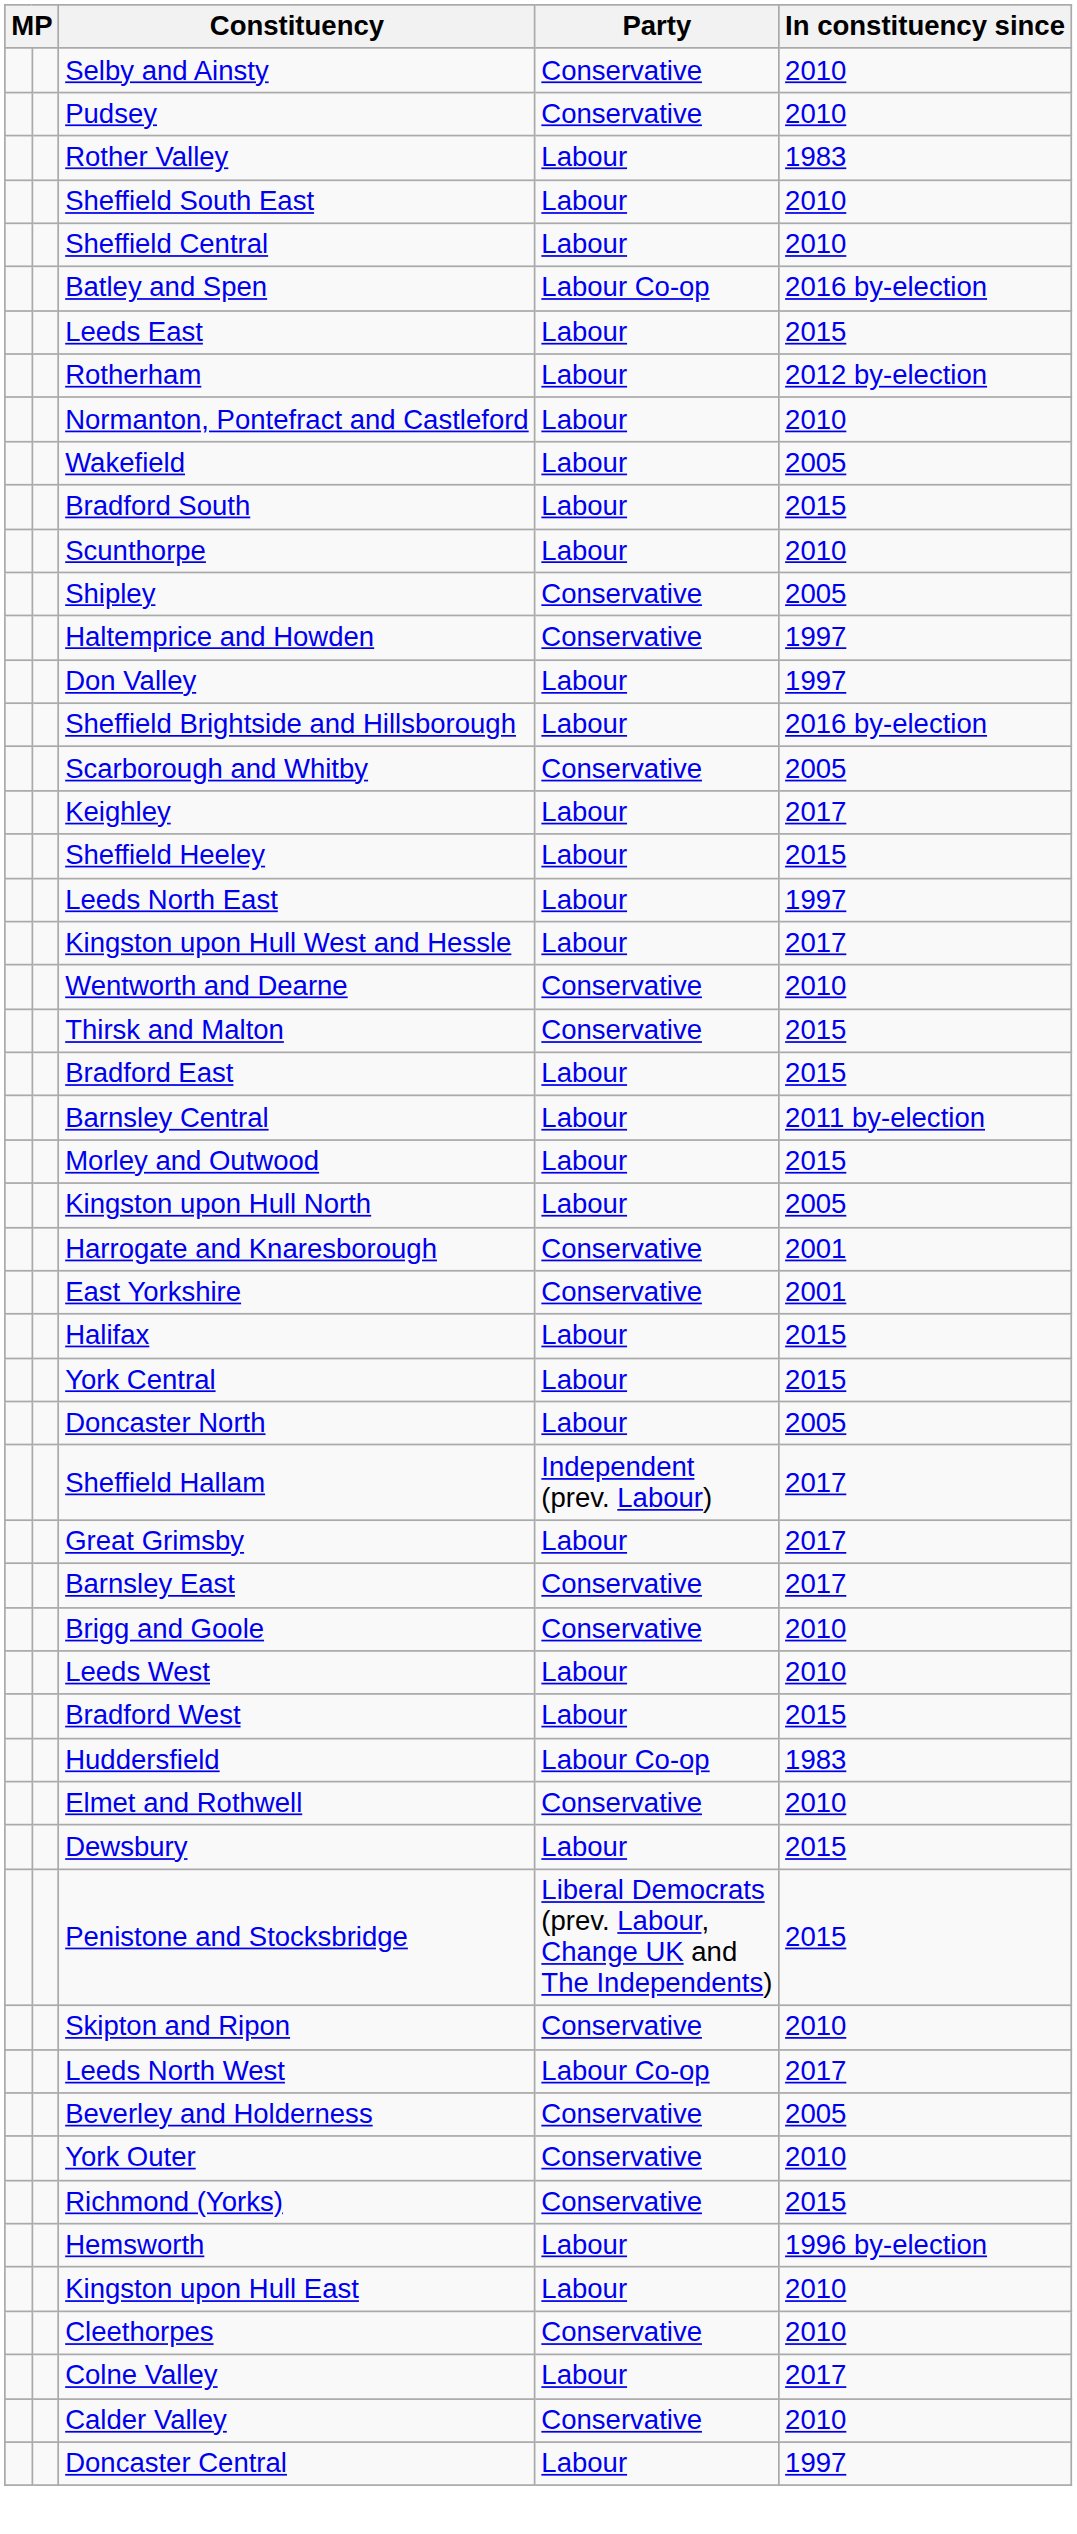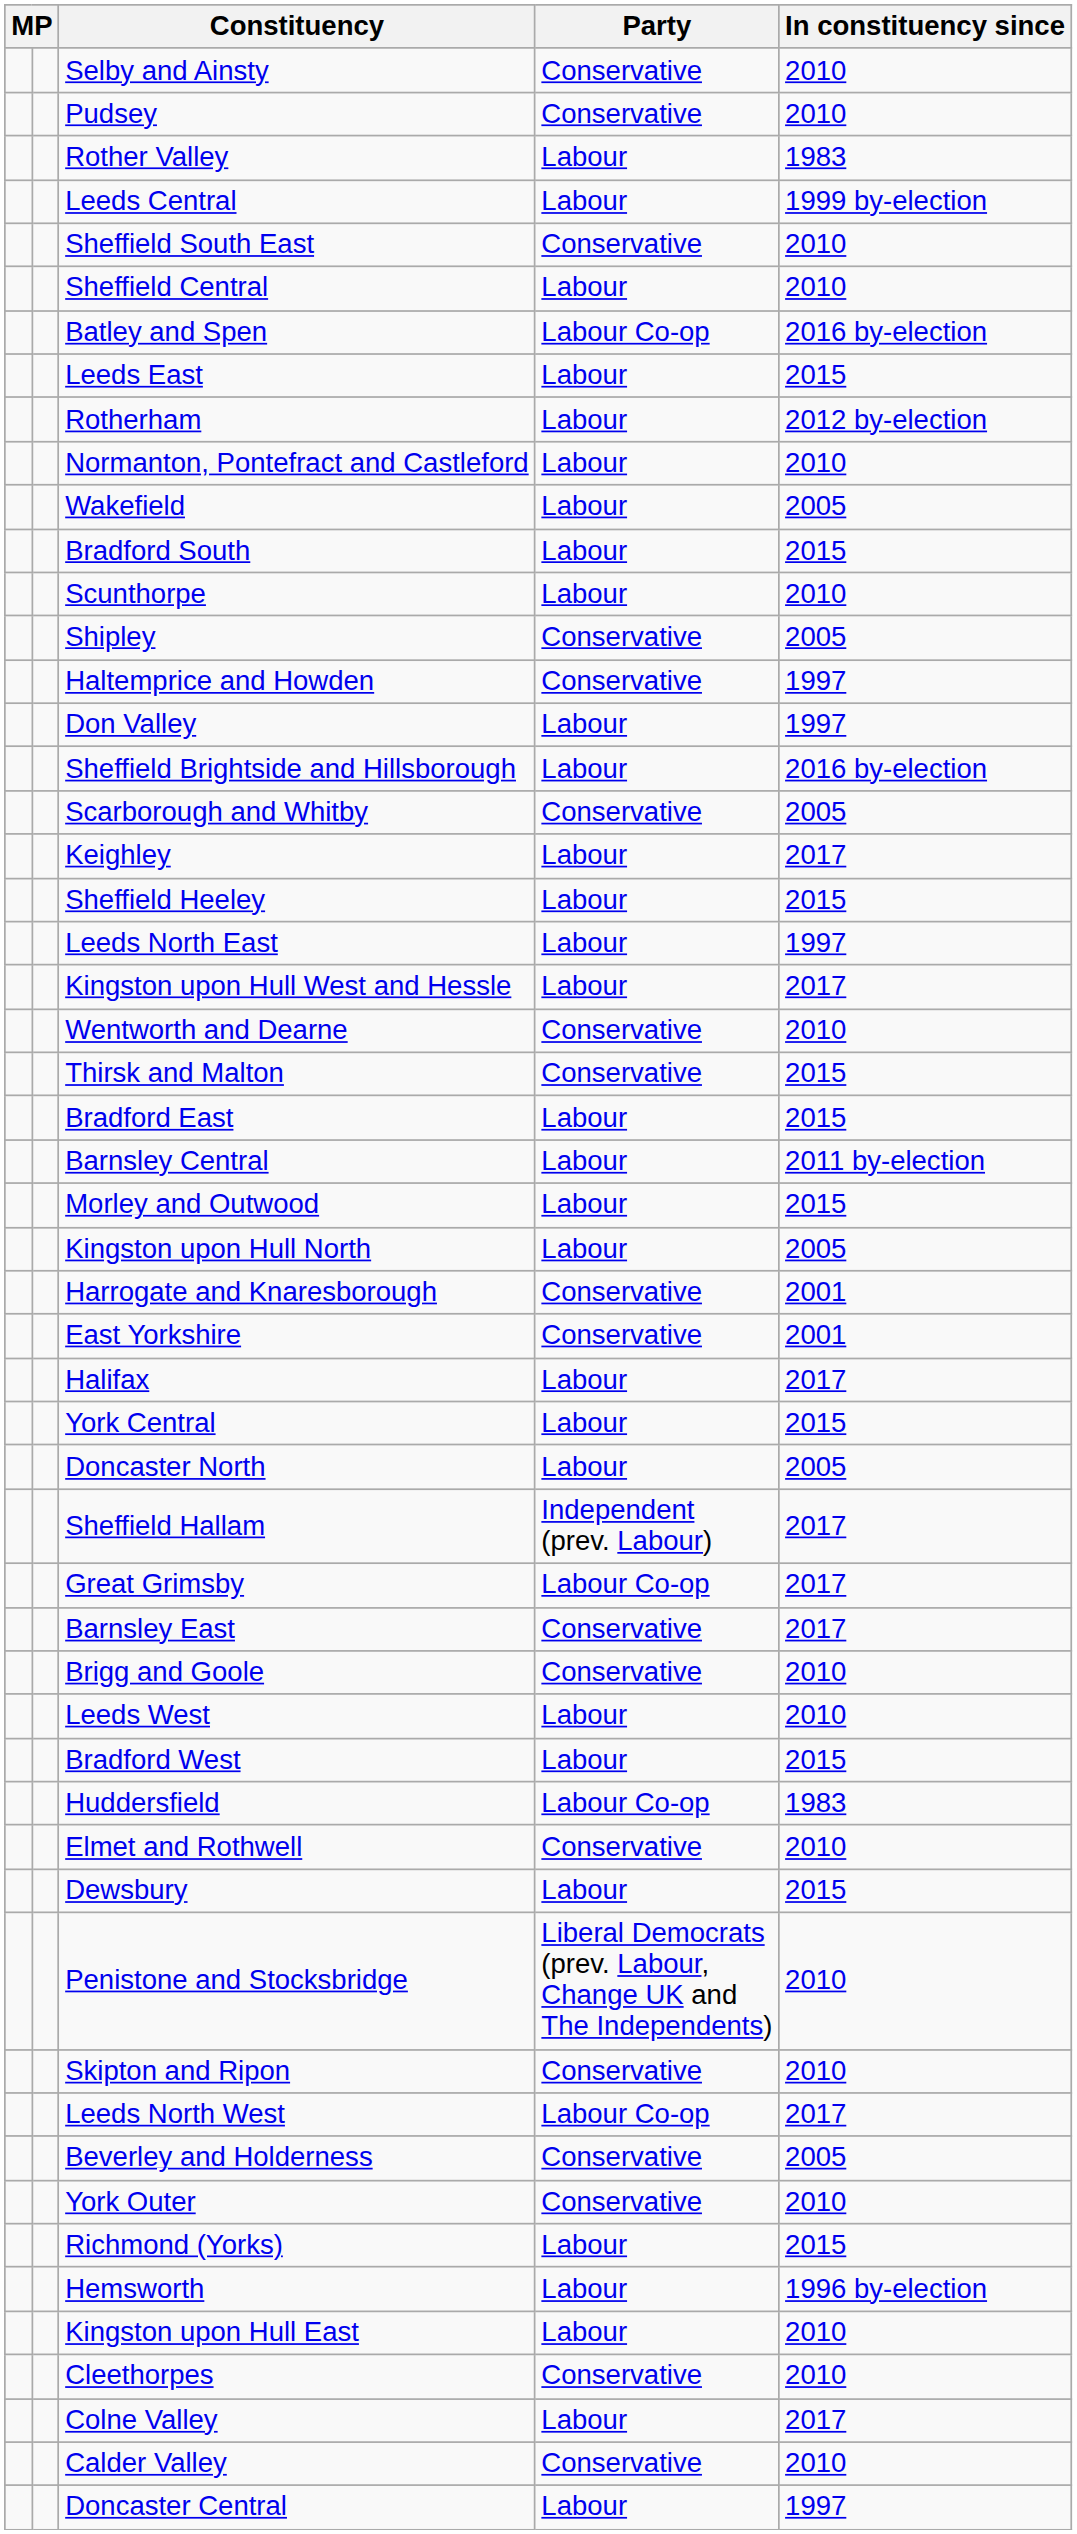 <table class="wikitable sortable">
 <tr>
 <th colspan=2>MP</th>
 <th>Constituency</th>
 <th>Party</th>
 <th>In constituency since</th>
 </tr>
 <tr>
 <td style="background-color: "></td>
 <td></td>
 <td><a href='#'>Selby and Ainsty</a></td>
 <td><a href='#'>Conservative</a></td>
 <td><a href='#'>2010</a></td>
 </tr>
 <tr>
 <td style="background-color: "></td>
 <td></td>
 <td><a href='#'>Pudsey</a></td>
 <td><a href='#'>Conservative</a></td>
 <td><a href='#'>2010</a></td>
 </tr>
 <tr>
 <td style="background-color: "></td>
 <td></td>
 <td><a href='#'>Rother Valley</a></td>
 <td><a href='#'>Labour</a></td>
 <td><a href='#'>1983</a></td>
 </tr>
 <tr>
 <td style="background-color: "></td>
 <td></td>
+<td><a href='#'>Leeds Central</a></td>
+<td><a href='#'>Labour</a></td>
+<td><a href='#'>1999 by-election</a></td>
+</tr>
+<tr>
+<td style="background-color: "></td>
+<td></td>
 <td><a href='#'>Sheffield South East</a></td>
-<td><a href='#'>Labour</a></td>
+<td><a href='#'>Conservative</a></td>
 <td><a href='#'>2010</a></td>
 </tr>
 <tr>
 <td style="background-color: "></td>
 <td></td>
 <td><a href='#'>Sheffield Central</a></td>
 <td><a href='#'>Labour</a></td>
 <td><a href='#'>2010</a></td>
 </tr>
 <tr>
 <td style="background-color: "></td>
 <td></td>
 <td><a href='#'>Batley and Spen</a></td>
 <td><a href='#'>Labour Co-op</a></td>
 <td><a href='#'>2016 by-election</a></td>
 </tr>
 <tr>
 <td style="background-color: "></td>
 <td></td>
 <td><a href='#'>Leeds East</a></td>
 <td><a href='#'>Labour</a></td>
 <td><a href='#'>2015</a></td>
 </tr>
 <tr>
 <td style="background-color: "></td>
 <td></td>
 <td><a href='#'>Rotherham</a></td>
 <td><a href='#'>Labour</a></td>
 <td><a href='#'>2012 by-election</a></td>
 </tr>
 <tr>
 <td style="background-color: "></td>
 <td></td>
 <td><a href='#'>Normanton, Pontefract and Castleford</a></td>
 <td><a href='#'>Labour</a></td>
 <td><a href='#'>2010</a></td>
 </tr>
 <tr>
 <td style="background-color: "></td>
 <td></td>
 <td><a href='#'>Wakefield</a></td>
 <td><a href='#'>Labour</a></td>
 <td><a href='#'>2005</a></td>
 </tr>
 <tr>
 <td style="background-color: "></td>
 <td></td>
 <td><a href='#'>Bradford South</a></td>
 <td><a href='#'>Labour</a></td>
 <td><a href='#'>2015</a></td>
 </tr>
 <tr>
 <td style="background-color: "></td>
 <td></td>
 <td><a href='#'>Scunthorpe</a></td>
 <td><a href='#'>Labour</a></td>
 <td><a href='#'>2010</a></td>
 </tr>
 <tr>
 <td style="background-color: "></td>
 <td></td>
 <td><a href='#'>Shipley</a></td>
 <td><a href='#'>Conservative</a></td>
 <td><a href='#'>2005</a></td>
 </tr>
 <tr>
 <td style="background-color: "></td>
 <td></td>
 <td><a href='#'>Haltemprice and Howden</a></td>
 <td><a href='#'>Conservative</a></td>
 <td><a href='#'>1997</a></td>
 </tr>
 <tr>
 <td style="background-color: "></td>
 <td></td>
 <td><a href='#'>Don Valley</a></td>
 <td><a href='#'>Labour</a></td>
 <td><a href='#'>1997</a></td>
 </tr>
 <tr>
 <td style="background-color: "></td>
 <td></td>
 <td><a href='#'>Sheffield Brightside and Hillsborough</a></td>
 <td><a href='#'>Labour</a></td>
 <td><a href='#'>2016 by-election</a></td>
 </tr>
 <tr>
 <td style="background-color: "></td>
 <td></td>
 <td><a href='#'>Scarborough and Whitby</a></td>
 <td><a href='#'>Conservative</a></td>
 <td><a href='#'>2005</a></td>
 </tr>
 <tr>
 <td style="background-color: "></td>
 <td></td>
 <td><a href='#'>Keighley</a></td>
 <td><a href='#'>Labour</a></td>
 <td><a href='#'>2017</a></td>
 </tr>
 <tr>
 <td style="background-color: "></td>
 <td></td>
 <td><a href='#'>Sheffield Heeley</a></td>
 <td><a href='#'>Labour</a></td>
 <td><a href='#'>2015</a></td>
 </tr>
 <tr>
 <td style="background-color: "></td>
 <td></td>
 <td><a href='#'>Leeds North East</a></td>
 <td><a href='#'>Labour</a></td>
 <td><a href='#'>1997</a></td>
 </tr>
 <tr>
 <td style="background-color: "></td>
 <td></td>
 <td><a href='#'>Kingston upon Hull West and Hessle</a></td>
 <td><a href='#'>Labour</a></td>
 <td><a href='#'>2017</a></td>
 </tr>
 <tr>
 <td style="background-color: "></td>
 <td></td>
 <td><a href='#'>Wentworth and Dearne</a></td>
 <td><a href='#'>Conservative</a></td>
 <td><a href='#'>2010</a></td>
 </tr>
 <tr>
 <td style="background-color: "></td>
 <td></td>
 <td><a href='#'>Thirsk and Malton</a></td>
 <td><a href='#'>Conservative</a></td>
 <td><a href='#'>2015</a></td>
 </tr>
 <tr>
 <td style="background-color: "></td>
 <td></td>
 <td><a href='#'>Bradford East</a></td>
 <td><a href='#'>Labour</a></td>
 <td><a href='#'>2015</a></td>
 </tr>
 <tr>
 <td style="background-color: "></td>
 <td></td>
 <td><a href='#'>Barnsley Central</a></td>
 <td><a href='#'>Labour</a></td>
 <td><a href='#'>2011 by-election</a></td>
 </tr>
 <tr>
 <td style="background-color: "></td>
 <td></td>
 <td><a href='#'>Morley and Outwood</a></td>
 <td><a href='#'>Labour</a></td>
 <td><a href='#'>2015</a></td>
 </tr>
 <tr>
 <td style="background-color: "></td>
 <td></td>
 <td><a href='#'>Kingston upon Hull North</a></td>
 <td><a href='#'>Labour</a></td>
 <td><a href='#'>2005</a></td>
 </tr>
 <tr>
 <td style="background-color: "></td>
 <td></td>
 <td><a href='#'>Harrogate and Knaresborough</a></td>
 <td><a href='#'>Conservative</a></td>
 <td><a href='#'>2001</a></td>
 </tr>
 <tr>
 <td style="background-color: "></td>
 <td></td>
 <td><a href='#'>East Yorkshire</a></td>
 <td><a href='#'>Conservative</a></td>
 <td><a href='#'>2001</a></td>
 </tr>
 <tr>
 <td style="background-color: "></td>
 <td></td>
 <td><a href='#'>Halifax</a></td>
 <td><a href='#'>Labour</a></td>
-<td><a href='#'>2015</a></td>
+<td><a href='#'>2017</a></td>
 </tr>
 <tr>
 <td style="background-color: "></td>
 <td></td>
 <td><a href='#'>York Central</a></td>
 <td><a href='#'>Labour</a></td>
 <td><a href='#'>2015</a></td>
 </tr>
 <tr>
 <td style="background-color: "></td>
 <td></td>
 <td><a href='#'>Doncaster North</a></td>
 <td><a href='#'>Labour</a></td>
 <td><a href='#'>2005</a></td>
 </tr>
 <tr>
 <td style="background-color: "></td>
 <td></td>
 <td><a href='#'>Sheffield Hallam</a></td>
 <td><a href='#'>Independent</a><br>(prev. <a href='#'>Labour</a>)</td>
 <td><a href='#'>2017</a></td>
 </tr>
 <tr>
 <td style="background-color: "></td>
 <td></td>
 <td><a href='#'>Great Grimsby</a></td>
-<td><a href='#'>Labour</a></td>
+<td><a href='#'>Labour Co-op</a></td>
 <td><a href='#'>2017</a></td>
 </tr>
 <tr>
 <td style="background-color: "></td>
 <td></td>
 <td><a href='#'>Barnsley East</a></td>
 <td><a href='#'>Conservative</a></td>
 <td><a href='#'>2017</a></td>
 </tr>
 <tr>
 <td style="background-color: "></td>
 <td></td>
 <td><a href='#'>Brigg and Goole</a></td>
 <td><a href='#'>Conservative</a></td>
 <td><a href='#'>2010</a></td>
 </tr>
 <tr>
 <td style="background-color: "></td>
 <td></td>
 <td><a href='#'>Leeds West</a></td>
 <td><a href='#'>Labour</a></td>
 <td><a href='#'>2010</a></td>
 </tr>
 <tr>
 <td style="background-color: "></td>
 <td></td>
 <td><a href='#'>Bradford West</a></td>
 <td><a href='#'>Labour</a></td>
 <td><a href='#'>2015</a></td>
 </tr>
 <tr>
 <td style="background-color: "></td>
 <td></td>
 <td><a href='#'>Huddersfield</a></td>
 <td><a href='#'>Labour Co-op</a></td>
 <td><a href='#'>1983</a></td>
 </tr>
 <tr>
 <td style="background-color: "></td>
 <td></td>
 <td><a href='#'>Elmet and Rothwell</a></td>
 <td><a href='#'>Conservative</a></td>
 <td><a href='#'>2010</a></td>
 </tr>
 <tr>
 <td style="background-color: "></td>
 <td></td>
 <td><a href='#'>Dewsbury</a></td>
 <td><a href='#'>Labour</a></td>
 <td><a href='#'>2015</a></td>
 </tr>
 <tr>
 <td></td>
 <td></td>
 <td><a href='#'>Penistone and Stocksbridge</a></td>
 <td><a href='#'>Liberal Democrats</a><br>(prev. <a href='#'>Labour</a>,<br><a href='#'>Change UK</a> and<br><a href='#'>The Independents</a>)</td>
-<td><a href='#'>2015</a></td>
+<td><a href='#'>2010</a></td>
 </tr>
 <tr>
 <td style="background-color: "></td>
 <td></td>
 <td><a href='#'>Skipton and Ripon</a></td>
 <td><a href='#'>Conservative</a></td>
 <td><a href='#'>2010</a></td>
 </tr>
 <tr>
 <td style="background-color: "></td>
 <td></td>
 <td><a href='#'>Leeds North West</a></td>
 <td><a href='#'>Labour Co-op</a></td>
 <td><a href='#'>2017</a></td>
 </tr>
 <tr>
 <td style="background-color: "></td>
 <td></td>
 <td><a href='#'>Beverley and Holderness</a></td>
 <td><a href='#'>Conservative</a></td>
 <td><a href='#'>2005</a></td>
 </tr>
 <tr>
 <td style="background-color: "></td>
 <td></td>
 <td><a href='#'>York Outer</a></td>
 <td><a href='#'>Conservative</a></td>
 <td><a href='#'>2010</a></td>
 </tr>
 <tr>
 <td style="background-color: "></td>
 <td></td>
 <td><a href='#'>Richmond (Yorks)</a></td>
-<td><a href='#'>Conservative</a></td>
+<td><a href='#'>Labour</a></td>
 <td><a href='#'>2015</a></td>
 </tr>
 <tr>
 <td style="background-color: "></td>
 <td></td>
 <td><a href='#'>Hemsworth</a></td>
 <td><a href='#'>Labour</a></td>
 <td><a href='#'>1996 by-election</a></td>
 </tr>
 <tr>
 <td style="background-color: "></td>
 <td></td>
 <td><a href='#'>Kingston upon Hull East</a></td>
 <td><a href='#'>Labour</a></td>
 <td><a href='#'>2010</a></td>
 </tr>
 <tr>
 <td style="background-color: "></td>
 <td></td>
 <td><a href='#'>Cleethorpes</a></td>
 <td><a href='#'>Conservative</a></td>
 <td><a href='#'>2010</a></td>
 </tr>
 <tr>
 <td style="background-color: "></td>
 <td></td>
 <td><a href='#'>Colne Valley</a></td>
 <td><a href='#'>Labour</a></td>
 <td><a href='#'>2017</a></td>
 </tr>
 <tr>
 <td style="background-color: "></td>
 <td></td>
 <td><a href='#'>Calder Valley</a></td>
 <td><a href='#'>Conservative</a></td>
 <td><a href='#'>2010</a></td>
 </tr>
 <tr>
 <td style="background-color: "></td>
 <td></td>
 <td><a href='#'>Doncaster Central</a></td>
 <td><a href='#'>Labour</a></td>
 <td><a href='#'>1997</a></td>
 </tr>
 </table>
